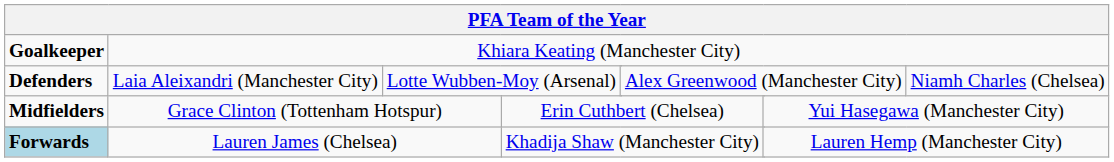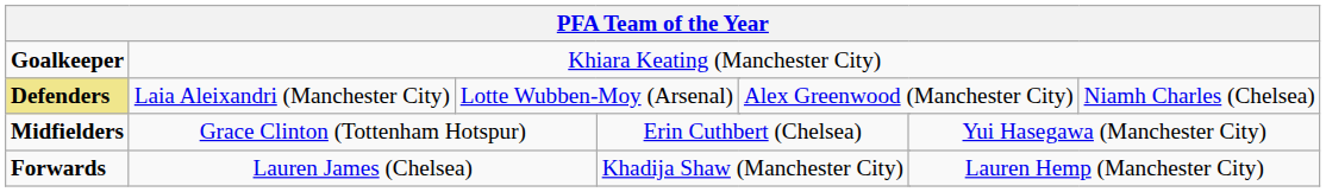 <table class="wikitable">
 <tr>
 <th colspan="13"><a href='#'>PFA Team of the Year</a></th>
 </tr>
 <tr>
 <td><strong>Goalkeeper</strong></td>
 <td colspan="12" align="center"> <a href='#'>Khiara Keating</a> (Manchester City)</td>
 </tr>
 <tr>
-<td><strong>Defenders</strong></td>
+<td style="background: khaki;"><strong>Defenders</strong></td>
 <td colspan="3" align="center"> <a href='#'>Laia Aleixandri</a> (Manchester City)</td>
 <td colspan="3" align="center"> <a href='#'>Lotte Wubben-Moy</a> (Arsenal)</td>
 <td colspan="3" align="center"> <a href='#'>Alex Greenwood</a> (Manchester City)</td>
 <td colspan="3" align="center"> <a href='#'>Niamh Charles</a> (Chelsea)</td>
 </tr>
 <tr>
 <td><strong>Midfielders</strong></td>
 <td colspan="4" align="center"> <a href='#'>Grace Clinton</a> (Tottenham Hotspur)</td>
 <td colspan="4" align="center"> <a href='#'>Erin Cuthbert</a> (Chelsea)</td>
 <td colspan="4" align="center"> <a href='#'>Yui Hasegawa</a> (Manchester City)</td>
 </tr>
 <tr>
-<td style="background: lightblue;"><strong>Forwards</strong></td>
+<td><strong>Forwards</strong></td>
 <td colspan="4" align="center"> <a href='#'>Lauren James</a> (Chelsea)</td>
 <td colspan="4" align="center"> <a href='#'>Khadija Shaw</a> (Manchester City)</td>
 <td colspan="4" align="center"> <a href='#'>Lauren Hemp</a> (Manchester City)</td>
 </tr>
 </table>
